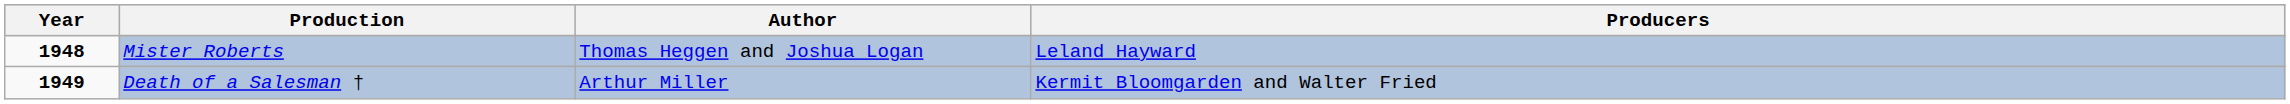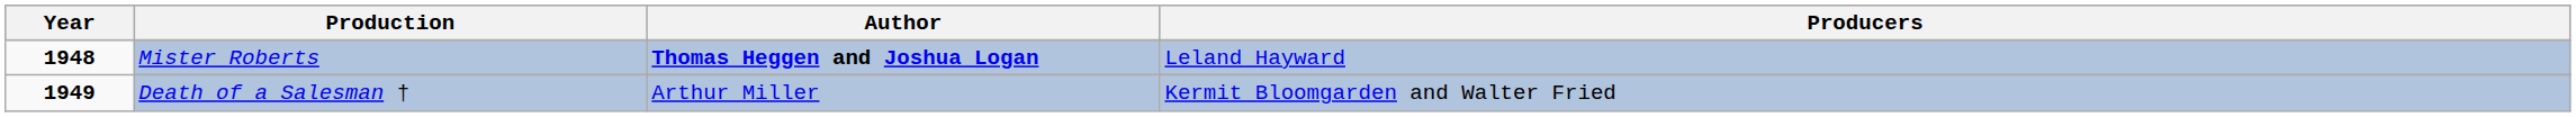 <table class="wikitable" style="width:98%;">
 <tr style="background:#bebebe;">
 <th style="width:5%;">Year</th>
 <th style="width:20%;">Production</th>
 <th style="width:20%;">Author</th>
 <th style="width:55%;">Producers</th>
 </tr>
 <tr>
 <td rowspan="2" align="center"><strong>1948</strong><br></td>
 </tr>
 <tr style="background:#B0C4DE">
 <td><em><a href='#'>Mister Roberts</a></em></td>
-<td><a href='#'>Thomas Heggen</a> and <a href='#'>Joshua Logan</a></td>
+<td><strong><a href='#'>Thomas Heggen</a> and <a href='#'>Joshua Logan</a></strong></td>
 <td><a href='#'>Leland Hayward</a></td>
 </tr>
 <tr>
 <td rowspan="2" align="center"><strong>1949</strong><br></td>
 </tr>
 <tr style="background:#B0C4DE">
 <td><em><a href='#'>Death of a Salesman</a></em> †</td>
 <td><a href='#'>Arthur Miller</a></td>
 <td><a href='#'>Kermit Bloomgarden</a> and Walter Fried</td>
 </tr>
 </table>
